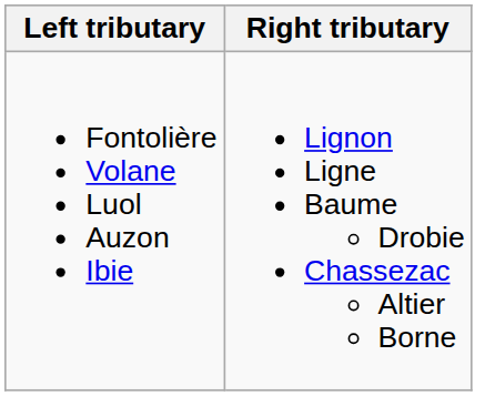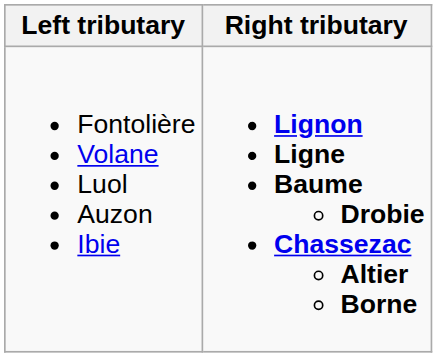 <table class="wikitable">
 <tr>
 <th>Left tributary</th>
 <th>Right tributary</th>
 </tr>
 <tr>
 <td valign="top"><br><ul><li>Fontolière</li><li><a href='#'>Volane</a></li><li>Luol</li><li>Auzon</li><li><a href='#'>Ibie</a></li></ul></td>
-<td valign="top"><br><ul><li><a href='#'>Lignon</a></li><li>Ligne</li><li>Baume<ul><li>Drobie</li></ul></li><li><a href='#'>Chassezac</a><ul><li>Altier</li><li>Borne</li></ul></li></ul></td>
+<td valign="top"><strong><br><ul><li><a href='#'>Lignon</a></li><li>Ligne</li><li>Baume<ul><li>Drobie</li></ul></li><li><a href='#'>Chassezac</a><ul><li>Altier</li><li>Borne</li></ul></li></ul></strong></td>
 </tr>
 </table>
